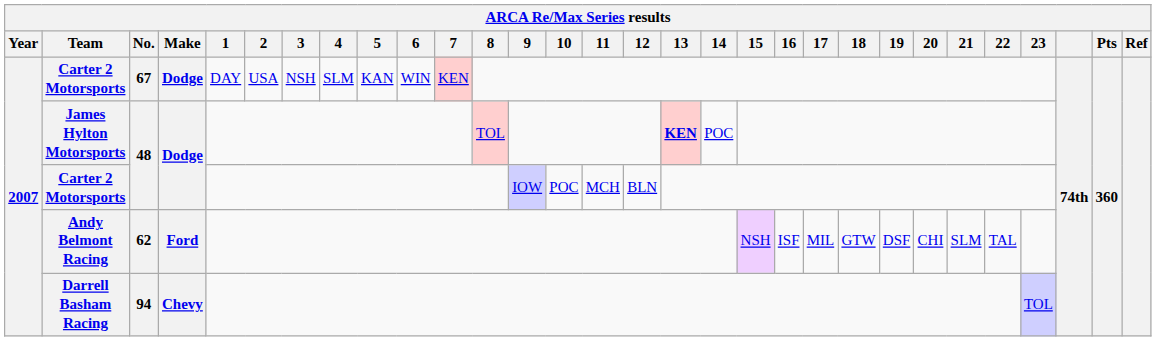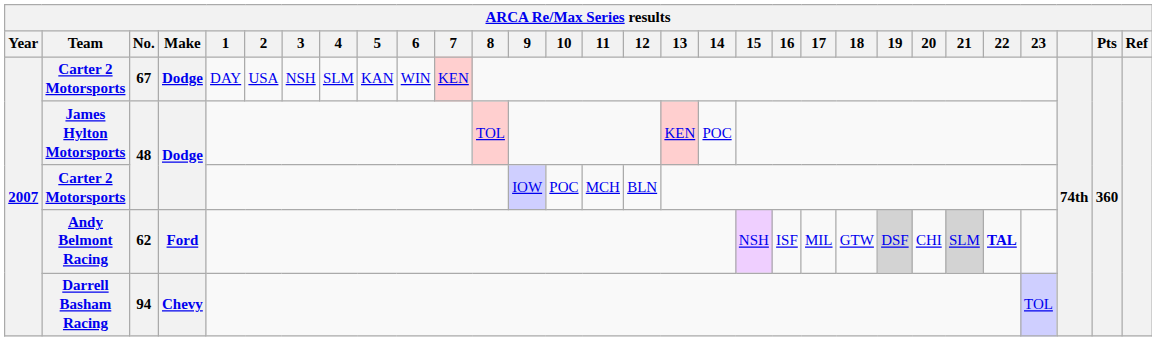 <table class="wikitable" style="text-align:center; font-size:75%">
 <tr>
 <th colspan=48><a href='#'>ARCA Re/Max Series</a> results</th>
 </tr>
 <tr>
 <th>Year</th>
 <th>Team</th>
 <th>No.</th>
 <th>Make</th>
 <th>1</th>
 <th>2</th>
 <th>3</th>
 <th>4</th>
 <th>5</th>
 <th>6</th>
 <th>7</th>
 <th>8</th>
 <th>9</th>
 <th>10</th>
 <th>11</th>
 <th>12</th>
 <th>13</th>
 <th>14</th>
 <th>15</th>
 <th>16</th>
 <th>17</th>
 <th>18</th>
 <th>19</th>
 <th>20</th>
 <th>21</th>
 <th>22</th>
 <th>23</th>
 <th></th>
 <th>Pts</th>
 <th>Ref</th>
 </tr>
 <tr>
 <th rowspan=5><a href='#'>2007</a></th>
 <th><a href='#'>Carter 2 Motorsports</a></th>
 <th>67</th>
 <th><a href='#'>Dodge</a></th>
 <td><a href='#'>DAY</a></td>
 <td><a href='#'>USA</a></td>
 <td><a href='#'>NSH</a></td>
 <td><a href='#'>SLM</a></td>
 <td><a href='#'>KAN</a></td>
 <td><a href='#'>WIN</a></td>
 <td style="background:#FFCFCF;"><a href='#'>KEN</a><br></td>
 <td colspan=16></td>
 <th rowspan=5>74th</th>
 <th rowspan=5>360</th>
 <th rowspan=5></th>
 </tr>
 <tr>
 <th><a href='#'>James Hylton Motorsports</a></th>
 <th rowspan=2>48</th>
 <th rowspan=2><a href='#'>Dodge</a></th>
 <td colspan=7></td>
 <td style="background:#FFCFCF;"><a href='#'>TOL</a><br></td>
 <td colspan=4></td>
-<td style="background:#FFCFCF;"><strong><a href='#'>KEN</a><br></strong></td>
+<td style="background:#FFCFCF;"><a href='#'>KEN</a><br></td>
 <td><a href='#'>POC</a></td>
 <td colspan=9></td>
 </tr>
 <tr>
 <th><a href='#'>Carter 2 Motorsports</a></th>
 <td colspan=8></td>
 <td style="background:#CFCFFF;"><a href='#'>IOW</a><br></td>
 <td><a href='#'>POC</a></td>
 <td><a href='#'>MCH</a></td>
 <td><a href='#'>BLN</a></td>
 <td colspan=11></td>
 </tr>
 <tr>
 <th><a href='#'>Andy Belmont Racing</a></th>
 <th>62</th>
 <th><a href='#'>Ford</a></th>
 <td colspan=14></td>
 <td style="background:#EFCFFF;"><a href='#'>NSH</a><br></td>
 <td><a href='#'>ISF</a></td>
 <td><a href='#'>MIL</a></td>
 <td><a href='#'>GTW</a></td>
-<td><a href='#'>DSF</a></td>
+<td style="background: lightgrey;"><a href='#'>DSF</a></td>
 <td><a href='#'>CHI</a></td>
-<td><a href='#'>SLM</a></td>
-<td><a href='#'>TAL</a></td>
+<td style="background: lightgrey;"><a href='#'>SLM</a></td>
+<td><strong><a href='#'>TAL</a></strong></td>
 <td></td>
 </tr>
 <tr>
 <th><a href='#'>Darrell Basham Racing</a></th>
 <th>94</th>
 <th><a href='#'>Chevy</a></th>
 <td colspan=22></td>
 <td style="background:#CFCFFF;"><a href='#'>TOL</a><br></td>
 </tr>
 </table>
